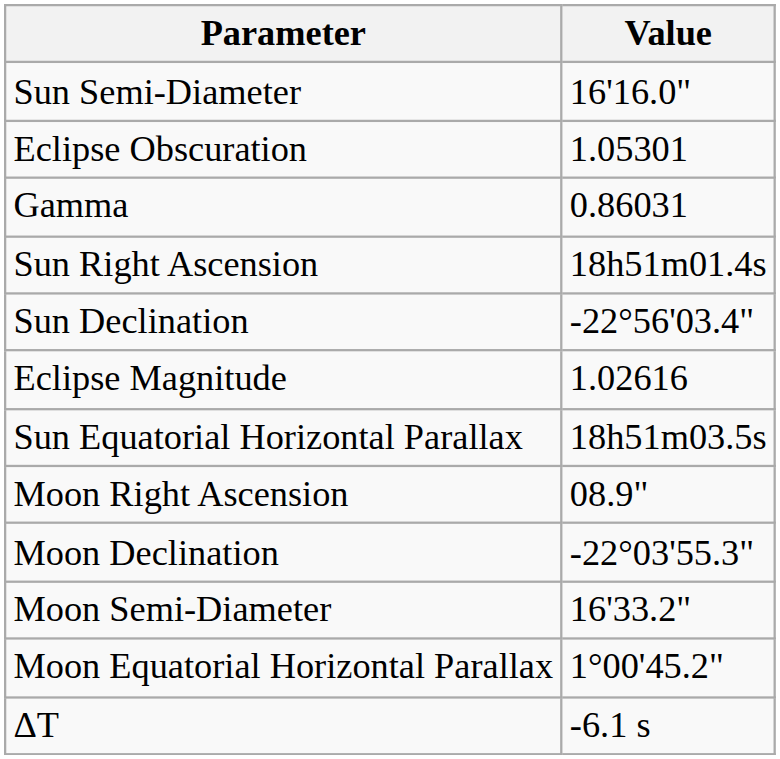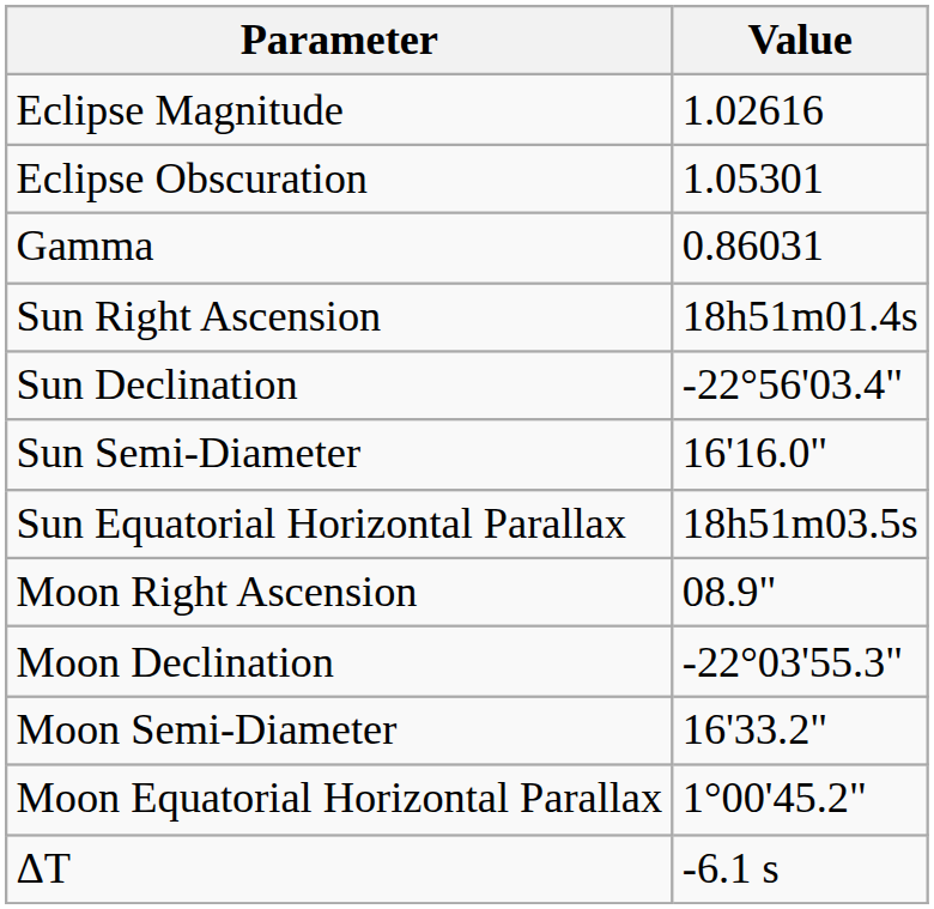 <table class="wikitable">
 <tr>
 <th>Parameter</th>
 <th>Value</th>
 </tr>
 <tr>
-<td>Sun Semi-Diameter</td>
-<td>16'16.0"</td>
+<td>Eclipse Magnitude</td>
+<td>1.02616</td>
 </tr>
 <tr>
 <td>Eclipse Obscuration</td>
 <td>1.05301</td>
 </tr>
 <tr>
 <td>Gamma</td>
 <td>0.86031</td>
 </tr>
 <tr>
 <td>Sun Right Ascension</td>
 <td>18h51m01.4s</td>
 </tr>
 <tr>
 <td>Sun Declination</td>
 <td>-22°56'03.4"</td>
 </tr>
 <tr>
-<td>Eclipse Magnitude</td>
-<td>1.02616</td>
+<td>Sun Semi-Diameter</td>
+<td>16'16.0"</td>
 </tr>
 <tr>
 <td>Sun Equatorial Horizontal Parallax</td>
 <td>18h51m03.5s</td>
 </tr>
 <tr>
 <td>Moon Right Ascension</td>
 <td>08.9"</td>
 </tr>
 <tr>
 <td>Moon Declination</td>
 <td>-22°03'55.3"</td>
 </tr>
 <tr>
 <td>Moon Semi-Diameter</td>
 <td>16'33.2"</td>
 </tr>
 <tr>
 <td>Moon Equatorial Horizontal Parallax</td>
 <td>1°00'45.2"</td>
 </tr>
 <tr>
 <td>ΔT</td>
 <td>-6.1 s</td>
 </tr>
 </table>
